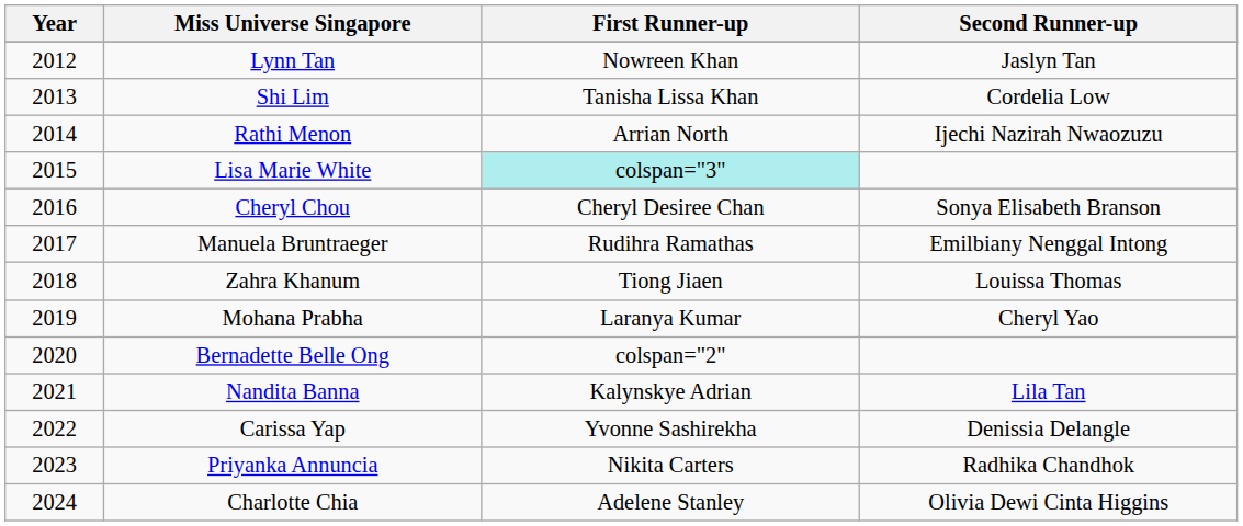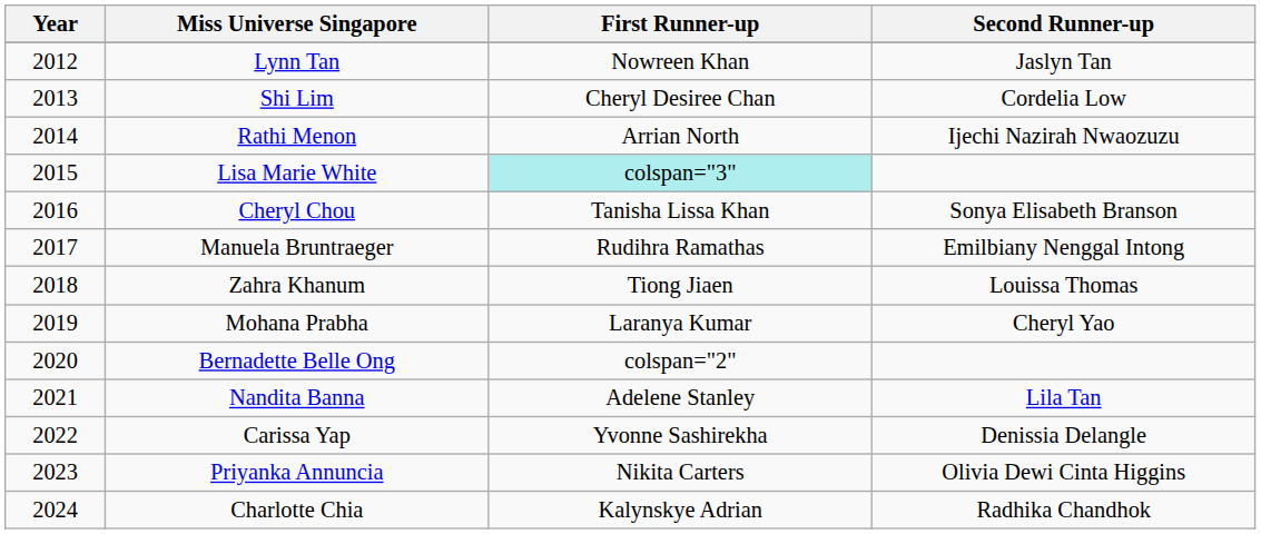 <table class="wikitable sortable" style="font-size: 95%; text-align:center">
 <tr>
 <th width="60">Year</th>
 <th width="250">Miss Universe Singapore</th>
 <th width="250">First Runner-up</th>
 <th width="250">Second Runner-up</th>
 </tr>
 <tr>
 </tr>
 <tr style="text-align:center;">
 <td>2012</td>
 <td><a href='#'>Lynn Tan</a></td>
 <td>Nowreen Khan</td>
 <td>Jaslyn Tan</td>
 </tr>
 <tr style="text-align:center;">
 <td>2013</td>
 <td><a href='#'>Shi Lim</a></td>
-<td>Tanisha Lissa Khan</td>
+<td>Cheryl Desiree Chan</td>
 <td>Cordelia Low</td>
 </tr>
 <tr style="text-align:center;">
 <td>2014</td>
 <td><a href='#'>Rathi Menon</a></td>
 <td>Arrian North</td>
 <td>Ijechi Nazirah Nwaozuzu</td>
 </tr>
 <tr style="text-align:center;">
 <td>2015</td>
 <td><a href='#'>Lisa Marie White</a></td>
 <td style="background: paleturquoise;">colspan="3"</td>
 </tr>
 <tr style="text-align:center;">
 <td>2016</td>
 <td><a href='#'>Cheryl Chou</a></td>
-<td>Cheryl Desiree Chan</td>
+<td>Tanisha Lissa Khan</td>
 <td>Sonya Elisabeth Branson</td>
 </tr>
 <tr style="text-align:center;">
 <td>2017</td>
 <td>Manuela Bruntraeger</td>
 <td>Rudihra Ramathas</td>
 <td>Emilbiany Nenggal Intong</td>
 </tr>
 <tr style="text-align:center;">
 <td>2018</td>
 <td>Zahra Khanum</td>
 <td>Tiong Jiaen</td>
 <td>Louissa Thomas</td>
 </tr>
 <tr style="text-align:center;">
 <td>2019</td>
 <td>Mohana Prabha</td>
 <td>Laranya Kumar</td>
 <td>Cheryl Yao</td>
 </tr>
 <tr style="text-align:center;">
 <td>2020</td>
 <td><a href='#'>Bernadette Belle Ong</a></td>
 <td>colspan="2" </td>
 </tr>
 <tr style="text-align:center;">
 <td>2021</td>
 <td><a href='#'>Nandita Banna</a></td>
-<td>Kalynskye Adrian</td>
+<td>Adelene Stanley</td>
 <td><a href='#'>Lila Tan</a></td>
 </tr>
 <tr style="text-align:center;">
 <td>2022</td>
 <td>Carissa Yap</td>
 <td>Yvonne Sashirekha</td>
 <td>Denissia Delangle</td>
 </tr>
 <tr style="text-align:center;">
 <td>2023</td>
 <td><a href='#'>Priyanka Annuncia</a></td>
 <td>Nikita Carters</td>
-<td>Radhika Chandhok</td>
+<td>Olivia Dewi Cinta Higgins</td>
 </tr>
 <tr style="text-align:center;">
 <td>2024</td>
 <td>Charlotte Chia</td>
-<td>Adelene Stanley</td>
-<td>Olivia Dewi Cinta Higgins</td>
+<td>Kalynskye Adrian</td>
+<td>Radhika Chandhok</td>
 </tr>
 </table>
